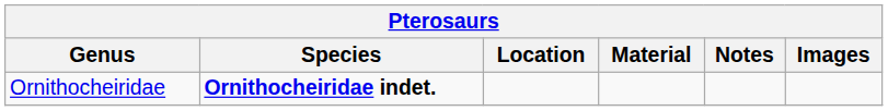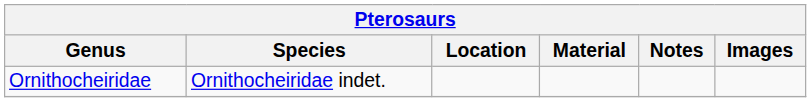 <table class="wikitable" align="center" width="75%">
 <tr>
 <th colspan="6" align="center"><a href='#'>Pterosaurs</a></th>
 </tr>
 <tr>
 <th>Genus</th>
 <th>Species</th>
 <th>Location</th>
 <th>Material</th>
 <th>Notes</th>
 <th>Images</th>
 </tr>
 <tr>
 <td><a href='#'>Ornithocheiridae</a></td>
-<td><strong><a href='#'>Ornithocheiridae</a> indet.</strong></td>
+<td><a href='#'>Ornithocheiridae</a> indet.</td>
 <td></td>
 <td></td>
 <td></td>
 <td></td>
 </tr>
 <tr>
 </tr>
 </table>
